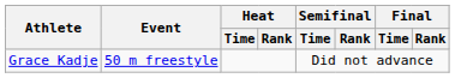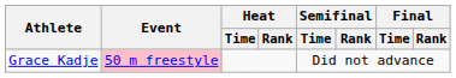 <table class="wikitable" style="text-align:center; font-size:90%">
 <tr>
 <th rowspan="2">Athlete</th>
 <th rowspan="2">Event</th>
 <th colspan="2">Heat</th>
 <th colspan="2">Semifinal</th>
 <th colspan="2">Final</th>
 </tr>
 <tr style="font-size:95%">
 <th>Time</th>
 <th>Rank</th>
 <th>Time</th>
 <th>Rank</th>
 <th>Time</th>
 <th>Rank</th>
 </tr>
 <tr>
 <td align=left><a href='#'>Grace Kadje</a></td>
-<td align=left><a href='#'>50 m freestyle</a></td>
+<td align=left style="background: pink;"><a href='#'>50 m freestyle</a></td>
 <td colspan=2></td>
 <td colspan=4>Did not advance</td>
 </tr>
 </table>
